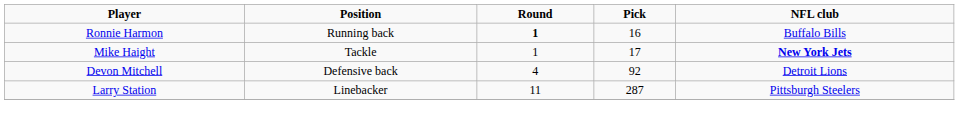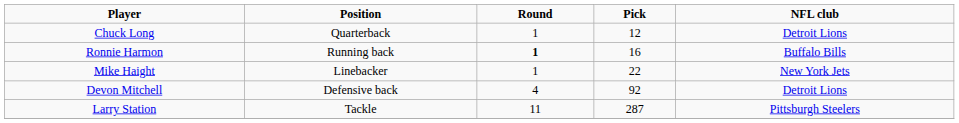 <table class="wikitable" width="80%">
 <tr align="center">
 <td><strong>Player</strong></td>
 <td><strong>Position</strong></td>
 <td><strong>Round</strong></td>
 <td><strong>Pick</strong></td>
 <td><strong>NFL club</strong></td>
+</tr>
+<tr align="center" bgcolor="">
+<td><a href='#'>Chuck Long</a></td>
+<td>Quarterback</td>
+<td>1</td>
+<td>12</td>
+<td><a href='#'>Detroit Lions</a></td>
 </tr>
 <tr align="center" bgcolor="">
 <td><a href='#'>Ronnie Harmon</a></td>
 <td>Running back</td>
 <td><strong>1</strong></td>
 <td>16</td>
 <td><a href='#'>Buffalo Bills</a></td>
 </tr>
 <tr align="center" bgcolor="">
 <td><a href='#'>Mike Haight</a></td>
-<td>Tackle</td>
+<td>Linebacker</td>
 <td>1</td>
-<td>17</td>
-<td><strong><a href='#'>New York Jets</a></strong></td>
+<td>22</td>
+<td><a href='#'>New York Jets</a></td>
 </tr>
 <tr align="center" bgcolor="">
 <td><a href='#'>Devon Mitchell</a></td>
 <td>Defensive back</td>
 <td>4</td>
 <td>92</td>
 <td><a href='#'>Detroit Lions</a></td>
 </tr>
 <tr align="center" bgcolor="">
 <td><a href='#'>Larry Station</a></td>
-<td>Linebacker</td>
+<td>Tackle</td>
 <td>11</td>
 <td>287</td>
 <td><a href='#'>Pittsburgh Steelers</a></td>
 </tr>
 <tr align="center" bgcolor="">
 </tr>
 </table>
